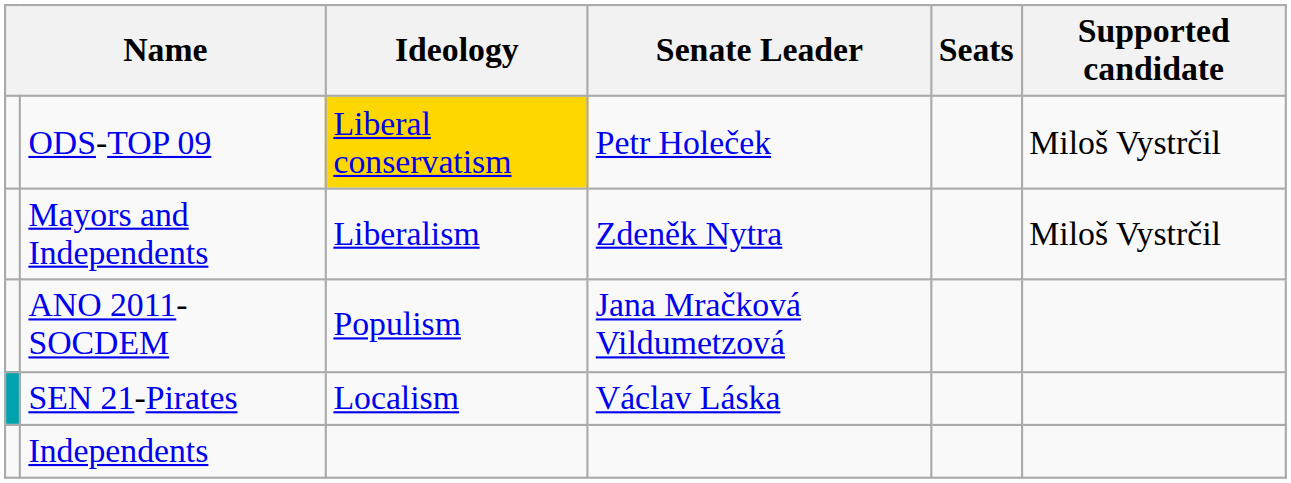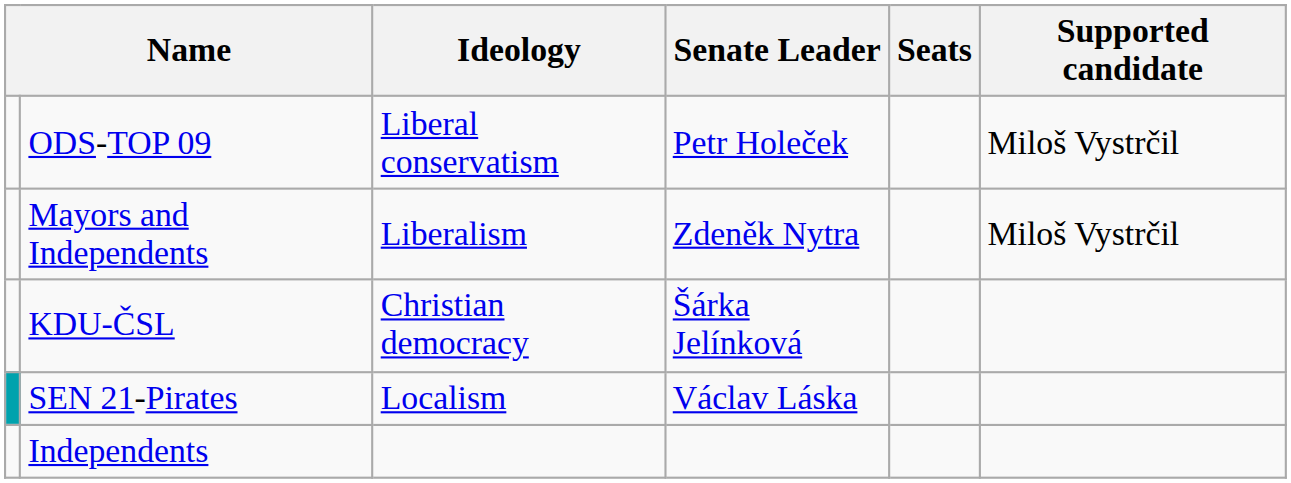 <table class="wikitable">
 <tr>
 <th colspan=2>Name</th>
 <th>Ideology</th>
 <th>Senate Leader</th>
 <th>Seats</th>
 <th>Supported candidate</th>
 </tr>
 <tr>
 <td style="background:"></td>
 <td><a href='#'>ODS</a>-<a href='#'>TOP 09</a></td>
-<td style="background: gold;"><a href='#'>Liberal conservatism</a></td>
+<td><a href='#'>Liberal conservatism</a></td>
 <td><a href='#'>Petr Holeček</a></td>
 <td></td>
 <td>Miloš Vystrčil</td>
 </tr>
 <tr>
 <td style="background:"></td>
 <td><a href='#'>Mayors and Independents</a></td>
 <td><a href='#'>Liberalism</a></td>
 <td><a href='#'>Zdeněk Nytra</a></td>
 <td></td>
 <td>Miloš Vystrčil</td>
 </tr>
 <tr>
 <td style="background:"></td>
-<td><a href='#'>ANO 2011</a>-<a href='#'>SOCDEM</a></td>
-<td><a href='#'>Populism</a></td>
-<td><a href='#'>Jana Mračková Vildumetzová</a></td>
+<td><a href='#'>KDU-ČSL</a></td>
+<td><a href='#'>Christian democracy</a></td>
+<td><a href='#'>Šárka Jelínková</a></td>
 <td></td>
 <td></td>
 </tr>
 <tr>
 <td style="background:#00A2AD;"></td>
 <td><a href='#'>SEN 21</a>-<a href='#'>Pirates</a></td>
 <td><a href='#'>Localism</a></td>
 <td><a href='#'>Václav Láska</a></td>
 <td></td>
 <td></td>
 </tr>
 <tr>
 <td style="background:"></td>
 <td><a href='#'>Independents</a></td>
 <td></td>
 <td></td>
 <td></td>
 <td></td>
 </tr>
 </table>
